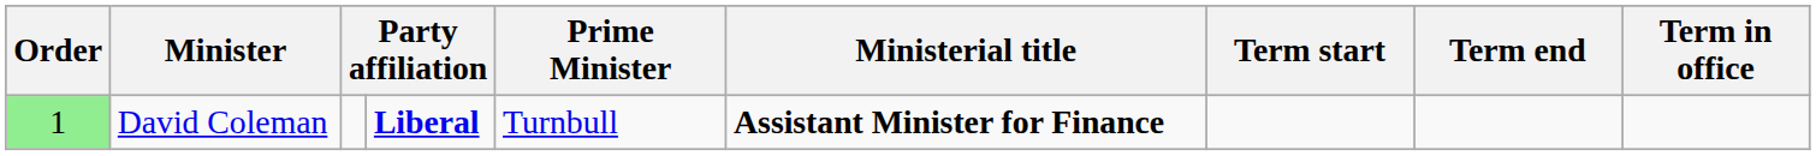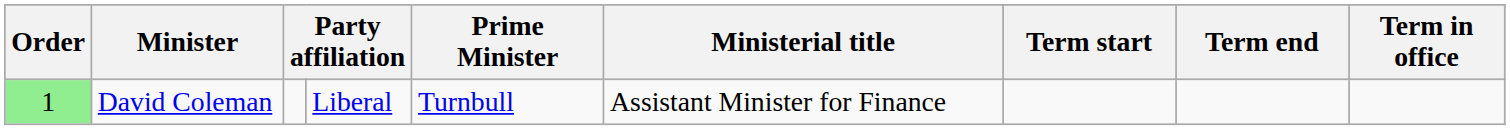 <table class="wikitable">
 <tr>
 <th width=5 bgcolor="#CCCCCC">Order</th>
 <th width=150 bgcolor="#CCCCCC">Minister</th>
 <th width=75 colspan="2" bgcolor="#CCCCCC">Party affiliation</th>
 <th width=150 bgcolor="#CCCCCC">Prime Minister</th>
 <th width=375 bgcolor="#CCCCCC">Ministerial title</th>
 <th width=150 bgcolor="#CCCCCC">Term start</th>
 <th width=150 bgcolor="#CCCCCC">Term end</th>
 <th width=130 bgcolor="#CCCCCC">Term in office</th>
 </tr>
 <tr>
 <td align=center style="background: lightgreen;">1</td>
 <td><a href='#'>David Coleman</a></td>
 <td> </td>
-<td><strong><a href='#'>Liberal</a></strong></td>
+<td><a href='#'>Liberal</a></td>
 <td><a href='#'>Turnbull</a></td>
-<td><strong>Assistant Minister for Finance</strong></td>
+<td>Assistant Minister for Finance</td>
 <td align=center></td>
 <td align=center></td>
 <td align=right></td>
 </tr>
 </table>
